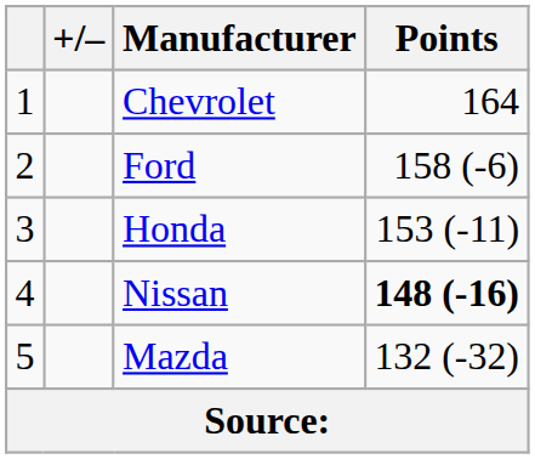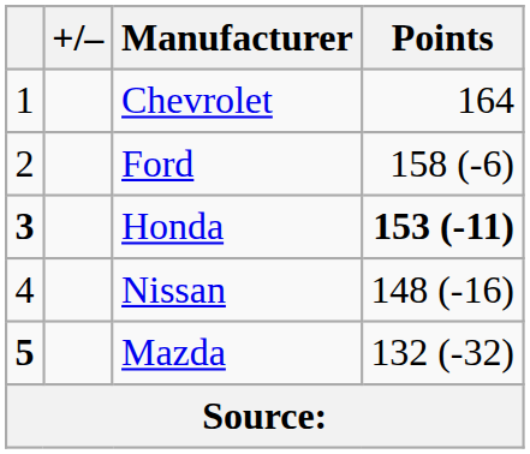 <table class="wikitable" style="font-size: 95%;">
 <tr>
 <th scope="col"></th>
 <th scope="col">+/–</th>
 <th scope="col">Manufacturer</th>
 <th scope="col">Points</th>
 </tr>
 <tr>
 <td align=center>1</td>
 <td align="left"></td>
 <td> <a href='#'>Chevrolet</a></td>
 <td align=right>164</td>
 </tr>
 <tr>
 <td align=center>2</td>
 <td align="left"></td>
 <td> <a href='#'>Ford</a></td>
 <td align=right>158 (-6)</td>
 </tr>
 <tr>
-<td align=center>3</td>
+<td align=center><strong>3</strong></td>
 <td align="left"></td>
 <td> <a href='#'>Honda</a></td>
-<td align=right>153 (-11)</td>
+<td align=right><strong>153 (-11)</strong></td>
 </tr>
 <tr>
 <td align=center>4</td>
 <td align="left"></td>
 <td> <a href='#'>Nissan</a></td>
-<td align=right><strong>148 (-16)</strong></td>
+<td align=right>148 (-16)</td>
 </tr>
 <tr>
-<td align=center>5</td>
+<td align=center><strong>5</strong></td>
 <td align="left"></td>
 <td> <a href='#'>Mazda</a></td>
 <td align=right>132 (-32)</td>
 </tr>
 <tr>
 <th colspan=5>Source:</th>
 </tr>
 </table>
